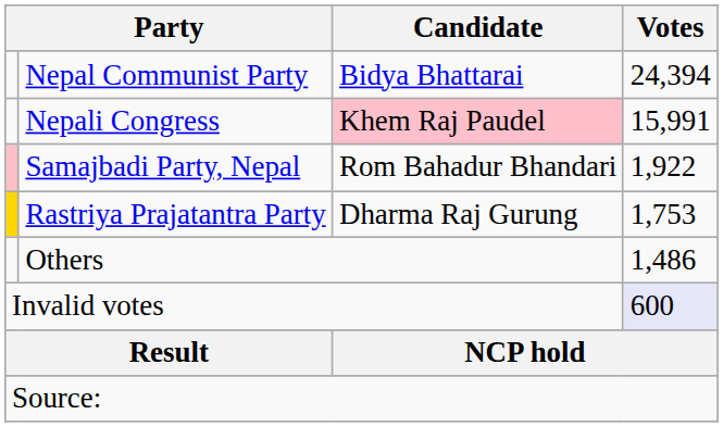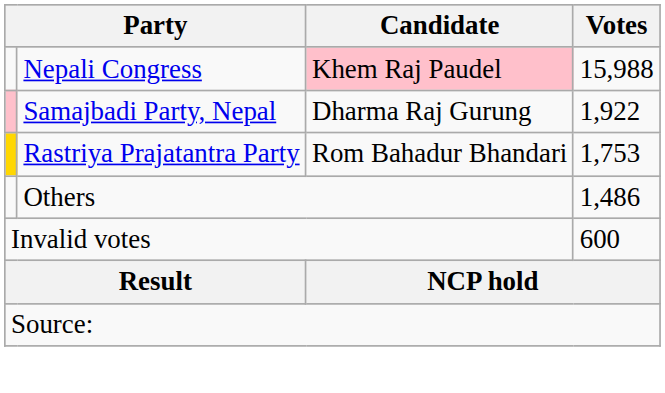 <table class="wikitable">
 <tr>
 <th colspan="2">Party</th>
 <th>Candidate</th>
 <th>Votes</th>
 </tr>
 <tr>
 <td style="background-color:"></td>
-<td><a href='#'>Nepal Communist Party</a></td>
-<td><a href='#'>Bidya Bhattarai</a></td>
-<td>24,394</td>
-</tr>
-<tr>
-<td style="background-color:"></td>
 <td><a href='#'>Nepali Congress</a></td>
 <td style="background: pink;">Khem Raj Paudel</td>
-<td>15,991</td>
+<td>15,988</td>
 </tr>
 <tr>
 <td style="background-color:pink"></td>
 <td><a href='#'>Samajbadi Party, Nepal</a></td>
-<td>Rom Bahadur Bhandari</td>
+<td>Dharma Raj Gurung</td>
 <td>1,922</td>
 </tr>
 <tr>
 <td style="background-color:gold"></td>
 <td><a href='#'>Rastriya Prajatantra Party</a></td>
-<td>Dharma Raj Gurung</td>
+<td>Rom Bahadur Bhandari</td>
 <td>1,753</td>
 </tr>
 <tr>
 <td></td>
 <td colspan="2">Others</td>
 <td>1,486</td>
 </tr>
 <tr>
 <td colspan="3">Invalid votes</td>
-<td style="background: lavender;">600</td>
+<td>600</td>
 </tr>
 <tr>
 <th colspan="2">Result</th>
 <th colspan="2">NCP hold</th>
 </tr>
 <tr>
 <td colspan="4">Source: </td>
 </tr>
 </table>
